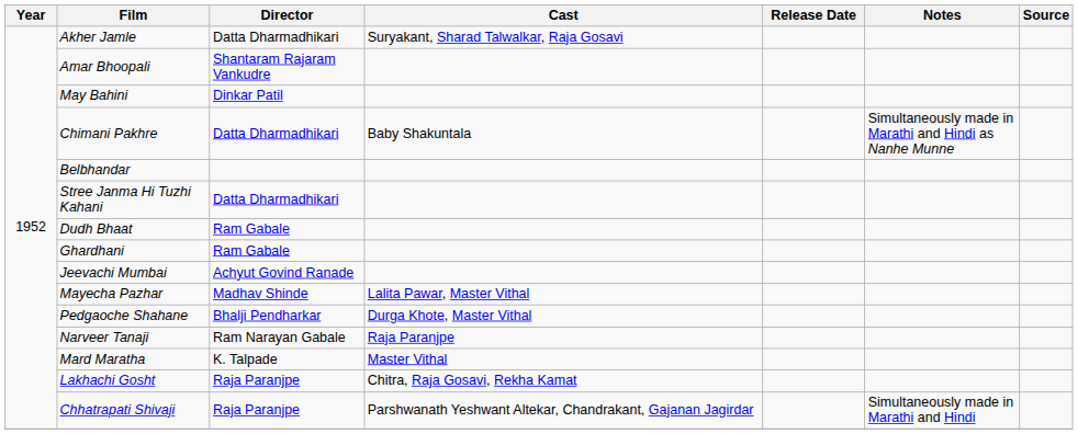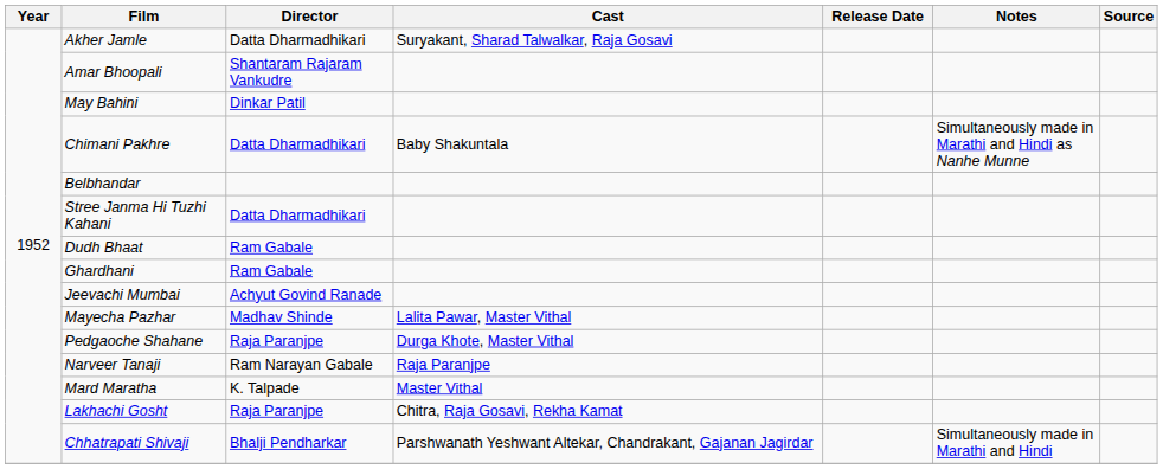 <table class ="wikitable sortable collapsible">
 <tr>
 <th style="width: 05%;">Year</th>
 <th style="width: 15%;">Film</th>
 <th style="width: 15%;">Director</th>
 <th style="width: 40%;" class="unsortable">Cast</th>
 <th style="width: 10%;">Release Date</th>
 <th style="width: 15%;" class="unsortable">Notes</th>
 <th style="width: 15%;" class="unsortable">Source</th>
 </tr>
 <tr>
 <td rowspan=15 align="center">1952</td>
 <td><em>Akher Jamle</em></td>
 <td>Datta Dharmadhikari</td>
 <td>Suryakant, <a href='#'>Sharad Talwalkar</a>, <a href='#'>Raja Gosavi</a></td>
 <td></td>
 <td></td>
 <td></td>
 </tr>
 <tr>
 <td><em>Amar Bhoopali</em></td>
 <td><a href='#'>Shantaram Rajaram Vankudre</a></td>
 <td></td>
 <td></td>
 <td></td>
 <td></td>
 </tr>
 <tr>
 <td><em>May Bahini</em></td>
 <td><a href='#'>Dinkar Patil</a></td>
 <td></td>
 <td></td>
 <td></td>
 <td></td>
 </tr>
 <tr>
 <td><em>Chimani Pakhre</em></td>
 <td><a href='#'>Datta Dharmadhikari</a></td>
 <td>Baby Shakuntala</td>
 <td></td>
 <td>Simultaneously made in <a href='#'>Marathi</a> and <a href='#'>Hindi</a> as <em>Nanhe Munne</em></td>
 <td></td>
 </tr>
 <tr>
 <td><em>Belbhandar</em></td>
 <td></td>
 <td></td>
 <td></td>
 <td></td>
 <td></td>
 </tr>
 <tr>
 <td><em>Stree Janma Hi Tuzhi Kahani</em></td>
 <td><a href='#'>Datta Dharmadhikari</a></td>
 <td></td>
 <td></td>
 <td></td>
 <td></td>
 </tr>
 <tr>
 <td><em>Dudh Bhaat</em></td>
 <td><a href='#'>Ram Gabale</a></td>
 <td></td>
 <td></td>
 <td></td>
 <td></td>
 </tr>
 <tr>
 <td><em>Ghardhani</em></td>
 <td><a href='#'>Ram Gabale</a></td>
 <td></td>
 <td></td>
 <td></td>
 <td></td>
 </tr>
 <tr>
 <td><em>Jeevachi Mumbai</em></td>
 <td><a href='#'>Achyut Govind Ranade</a></td>
 <td></td>
 <td></td>
 <td></td>
 <td></td>
 </tr>
 <tr>
 <td><em>Mayecha Pazhar</em></td>
 <td><a href='#'>Madhav Shinde</a></td>
 <td><a href='#'>Lalita Pawar</a>, <a href='#'>Master Vithal</a></td>
 <td></td>
 <td></td>
 <td></td>
 </tr>
 <tr>
 <td><em>Pedgaoche Shahane</em></td>
-<td><a href='#'>Bhalji Pendharkar</a></td>
+<td><a href='#'>Raja Paranjpe</a></td>
 <td><a href='#'>Durga Khote</a>, <a href='#'>Master Vithal</a></td>
 <td></td>
 <td></td>
 <td></td>
 </tr>
 <tr>
 <td><em>Narveer Tanaji</em></td>
 <td>Ram Narayan Gabale</td>
 <td><a href='#'>Raja Paranjpe</a></td>
 <td></td>
 <td></td>
 <td></td>
 </tr>
 <tr>
 <td><em>Mard Maratha</em></td>
 <td>K. Talpade</td>
 <td><a href='#'>Master Vithal</a></td>
 <td></td>
 <td></td>
 <td></td>
 </tr>
 <tr>
 <td><em><a href='#'>Lakhachi Gosht</a></em></td>
 <td><a href='#'>Raja Paranjpe</a></td>
 <td>Chitra, <a href='#'>Raja Gosavi</a>, <a href='#'>Rekha Kamat</a></td>
 <td></td>
 <td></td>
 <td></td>
 </tr>
 <tr>
 <td><em><a href='#'>Chhatrapati Shivaji</a></em></td>
-<td><a href='#'>Raja Paranjpe</a></td>
+<td><a href='#'>Bhalji Pendharkar</a></td>
 <td>Parshwanath Yeshwant Altekar, Chandrakant, <a href='#'>Gajanan Jagirdar</a></td>
 <td></td>
 <td>Simultaneously made in <a href='#'>Marathi</a> and <a href='#'>Hindi</a></td>
 <td></td>
 </tr>
 <tr>
 </tr>
 </table>
